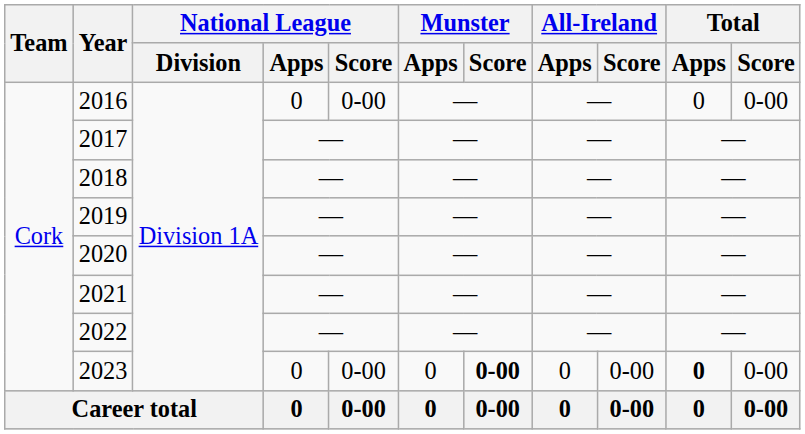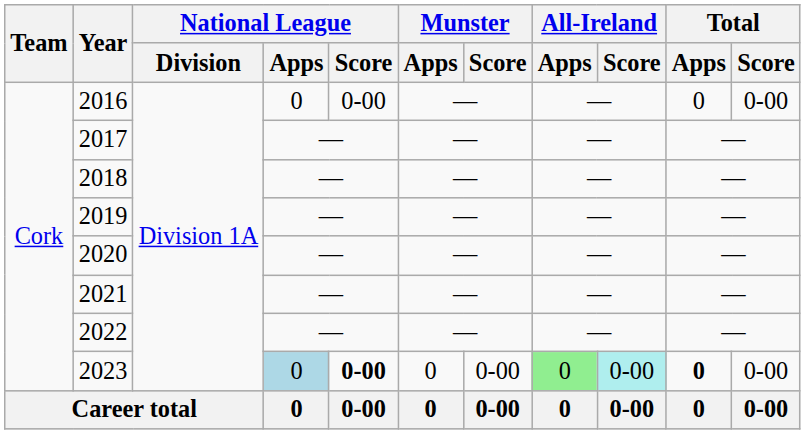 <table class="wikitable" style="text-align:center">
 <tr>
 <th rowspan="2">Team</th>
 <th rowspan="2">Year</th>
 <th colspan="3"><a href='#'>National League</a></th>
 <th colspan="2"><a href='#'>Munster</a></th>
 <th colspan="2"><a href='#'>All-Ireland</a></th>
 <th colspan="2">Total</th>
 </tr>
 <tr>
 <th>Division</th>
 <th>Apps</th>
 <th>Score</th>
 <th>Apps</th>
 <th>Score</th>
 <th>Apps</th>
 <th>Score</th>
 <th>Apps</th>
 <th>Score</th>
 </tr>
 <tr>
 <td rowspan="8"><a href='#'>Cork</a></td>
 <td>2016</td>
 <td rowspan="8"><a href='#'>Division 1A</a></td>
 <td>0</td>
 <td>0-00</td>
 <td colspan=2>—</td>
 <td colspan=2>—</td>
 <td>0</td>
 <td>0-00</td>
 </tr>
 <tr>
 <td>2017</td>
 <td colspan=2>—</td>
 <td colspan=2>—</td>
 <td colspan=2>—</td>
 <td colspan=2>—</td>
 </tr>
 <tr>
 <td>2018</td>
 <td colspan=2>—</td>
 <td colspan=2>—</td>
 <td colspan=2>—</td>
 <td colspan=2>—</td>
 </tr>
 <tr>
 <td>2019</td>
 <td colspan=2>—</td>
 <td colspan=2>—</td>
 <td colspan=2>—</td>
 <td colspan=2>—</td>
 </tr>
 <tr>
 <td>2020</td>
 <td colspan=2>—</td>
 <td colspan=2>—</td>
 <td colspan=2>—</td>
 <td colspan=2>—</td>
 </tr>
 <tr>
 <td>2021</td>
 <td colspan=2>—</td>
 <td colspan=2>—</td>
 <td colspan=2>—</td>
 <td colspan=2>—</td>
 </tr>
 <tr>
 <td>2022</td>
 <td colspan=2>—</td>
 <td colspan=2>—</td>
 <td colspan=2>—</td>
 <td colspan=2>—</td>
 </tr>
 <tr>
 <td>2023</td>
-<td>0</td>
-<td>0-00</td>
-<td>0</td>
+<td style="background: lightblue;">0</td>
 <td><strong>0-00</strong></td>
 <td>0</td>
 <td>0-00</td>
+<td style="background: lightgreen;">0</td>
+<td style="background: paleturquoise;">0-00</td>
 <td><strong>0</strong></td>
 <td>0-00</td>
 </tr>
 <tr>
 <th colspan="3">Career total</th>
 <th>0</th>
 <th>0-00</th>
 <th>0</th>
 <th>0-00</th>
 <th>0</th>
 <th>0-00</th>
 <th>0</th>
 <th>0-00</th>
 </tr>
 </table>
